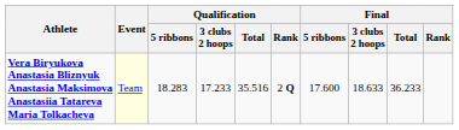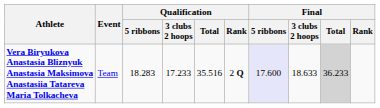 <table class="wikitable" style="font-size:90%">
 <tr>
 <th rowspan="2">Athlete</th>
 <th rowspan="2">Event</th>
 <th colspan="4">Qualification</th>
 <th colspan="4">Final</th>
 </tr>
 <tr style="font-size:95%">
 <th>5 ribbons</th>
 <th>3 clubs<br>2 hoops</th>
 <th>Total</th>
 <th>Rank</th>
 <th>5 ribbons</th>
 <th>3 clubs<br>2 hoops</th>
 <th>Total</th>
 <th>Rank</th>
 </tr>
 <tr align=center>
 <td align=left><strong><a href='#'>Vera Biryukova</a><br><a href='#'>Anastasia Bliznyuk</a><br><a href='#'>Anastasia Maksimova</a><br><a href='#'>Anastasiia Tatareva</a><br><a href='#'>Maria Tolkacheva</a></strong></td>
-<td align=left style="background: lightyellow;"><a href='#'>Team</a></td>
+<td align=left><a href='#'>Team</a></td>
 <td>18.283</td>
 <td>17.233</td>
 <td>35.516</td>
 <td>2 <strong>Q</strong></td>
-<td>17.600</td>
+<td style="background: lavender;">17.600</td>
 <td>18.633</td>
-<td>36.233</td>
+<td style="background: lightgrey;">36.233</td>
 <td></td>
 </tr>
 </table>
